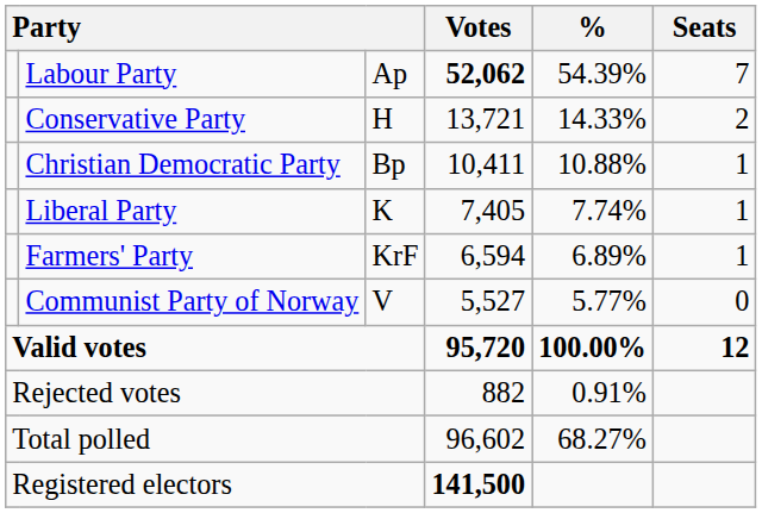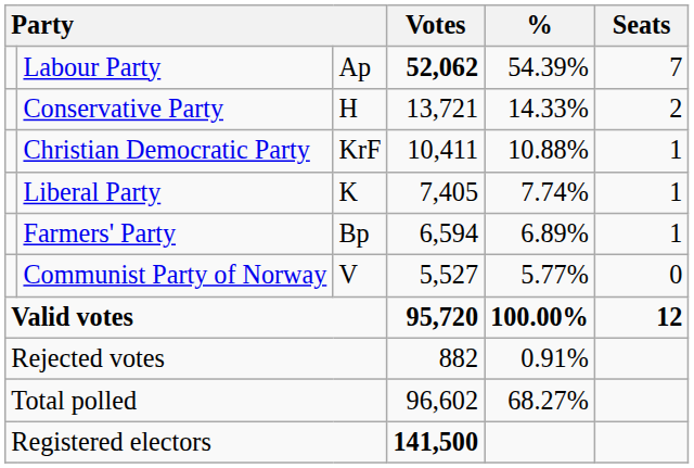 <table class="wikitable" border="1" style="text-align:right;">
 <tr>
 <th style="text-align:left;" colspan=3>Party</th>
 <th align=center width="50">Votes</th>
 <th align=center width="50">%</th>
 <th align=center width="50">Seats</th>
 </tr>
 <tr>
 <td style="color:inherit;background:"></td>
 <td align=left><a href='#'>Labour Party</a></td>
 <td align=left>Ap</td>
 <td><strong>52,062</strong></td>
 <td>54.39%</td>
 <td>7</td>
 </tr>
 <tr>
 <td style="color:inherit;background:"></td>
 <td align=left><a href='#'>Conservative Party</a></td>
 <td align=left>H</td>
 <td>13,721</td>
 <td>14.33%</td>
 <td>2</td>
 </tr>
 <tr>
 <td style="color:inherit;background:"></td>
 <td align=left><a href='#'>Christian Democratic Party</a></td>
-<td align=left>Bp</td>
+<td align=left>KrF</td>
 <td>10,411</td>
 <td>10.88%</td>
 <td>1</td>
 </tr>
 <tr>
 <td style="color:inherit;background:"></td>
 <td align=left><a href='#'>Liberal Party</a></td>
 <td align=left>K</td>
 <td>7,405</td>
 <td>7.74%</td>
 <td>1</td>
 </tr>
 <tr>
 <td style="color:inherit;background:"></td>
 <td align=left><a href='#'>Farmers' Party</a></td>
-<td align=left>KrF</td>
+<td align=left>Bp</td>
 <td>6,594</td>
 <td>6.89%</td>
 <td>1</td>
 </tr>
 <tr>
 <td style="color:inherit;background:"></td>
 <td align=left><a href='#'>Communist Party of Norway</a></td>
 <td align=left>V</td>
 <td>5,527</td>
 <td>5.77%</td>
 <td>0</td>
 </tr>
 <tr style="font-weight:bold">
 <td align=left colspan=3>Valid votes</td>
 <td>95,720</td>
 <td>100.00%</td>
 <td>12</td>
 </tr>
 <tr>
 <td align=left colspan=3>Rejected votes</td>
 <td>882</td>
 <td>0.91%</td>
 <td></td>
 </tr>
 <tr>
 <td align=left colspan=3>Total polled</td>
 <td>96,602</td>
 <td>68.27%</td>
 <td></td>
 </tr>
 <tr>
 <td align=left colspan=3>Registered electors</td>
 <td><strong>141,500</strong></td>
 <td></td>
 <td></td>
 </tr>
 </table>
